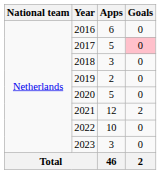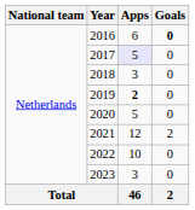 <table class="wikitable" style="text-align: center;">
 <tr>
 <th>National team</th>
 <th>Year</th>
 <th>Apps</th>
 <th>Goals</th>
 </tr>
 <tr>
 <td rowspan="8"><a href='#'>Netherlands</a></td>
 <td>2016</td>
 <td>6</td>
-<td>0</td>
+<td><strong>0</strong></td>
 </tr>
 <tr>
 <td>2017</td>
-<td>5</td>
-<td style="background: pink;">0</td>
+<td style="background: lavender;">5</td>
+<td>0</td>
 </tr>
 <tr>
 <td>2018</td>
 <td>3</td>
 <td>0</td>
 </tr>
 <tr>
 <td>2019</td>
-<td>2</td>
+<td><strong>2</strong></td>
 <td>0</td>
 </tr>
 <tr>
 <td>2020</td>
 <td>5</td>
 <td>0</td>
 </tr>
 <tr>
 <td>2021</td>
 <td>12</td>
 <td>2</td>
 </tr>
 <tr>
 <td>2022</td>
 <td>10</td>
 <td>0</td>
 </tr>
 <tr>
 <td>2023</td>
 <td>3</td>
 <td>0</td>
 </tr>
 <tr>
 <th colspan="2">Total</th>
 <th>46</th>
 <th>2</th>
 </tr>
 </table>
